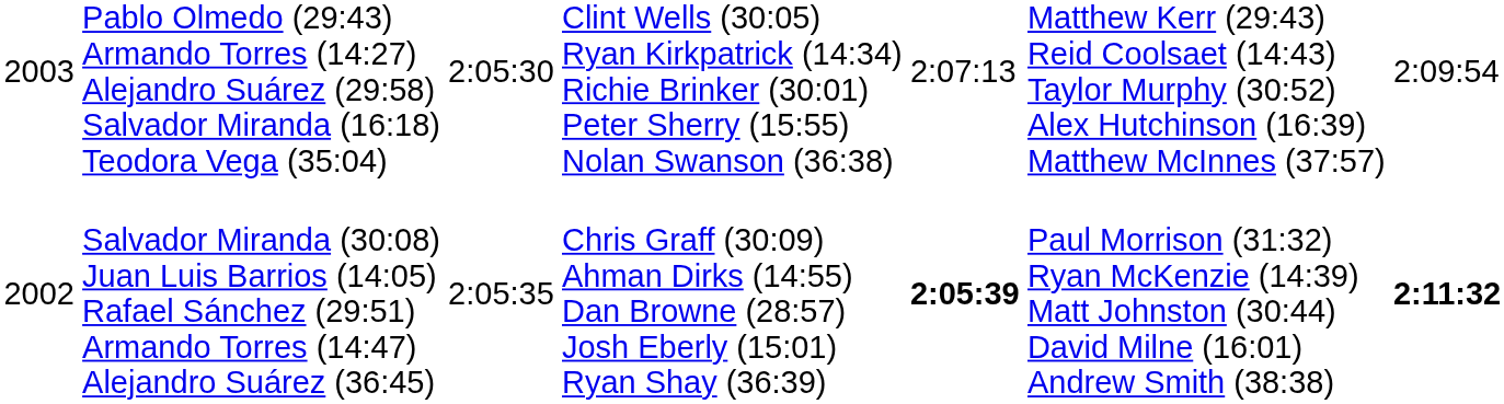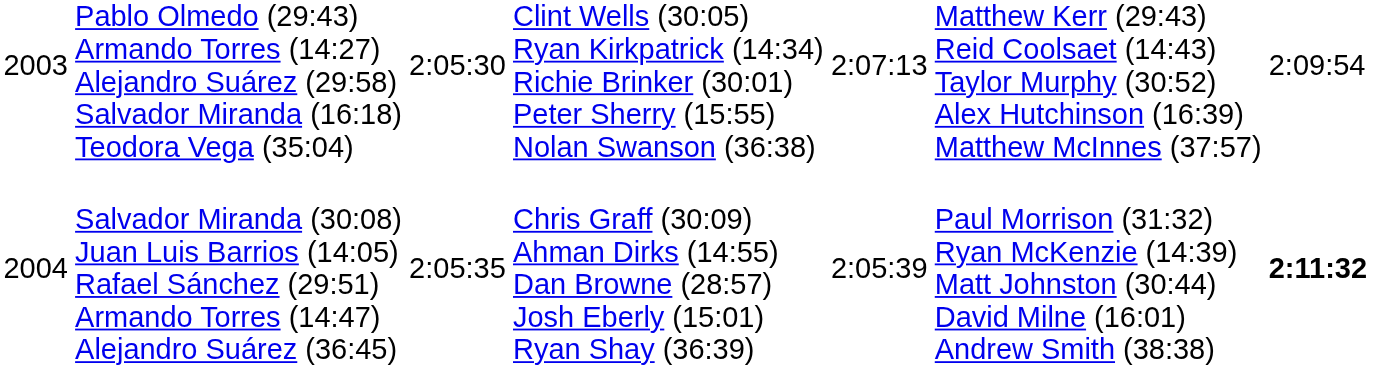 <table>
 <tr>
 <td>2003</td>
 <td><br><a href='#'>Pablo Olmedo</a> (29:43)<br><a href='#'>Armando Torres</a> (14:27)<br><a href='#'>Alejandro Suárez</a> (29:58)<br><a href='#'>Salvador Miranda</a> (16:18)<br><a href='#'>Teodora Vega</a> (35:04)</td>
 <td>2:05:30 </td>
 <td><br><a href='#'>Clint Wells</a> (30:05)<br><a href='#'>Ryan Kirkpatrick</a> (14:34)<br><a href='#'>Richie Brinker</a> (30:01)<br><a href='#'>Peter Sherry</a> (15:55)<br><a href='#'>Nolan Swanson</a> (36:38)</td>
 <td>2:07:13</td>
 <td><br><a href='#'>Matthew Kerr</a> (29:43)<br><a href='#'>Reid Coolsaet</a> (14:43)<br><a href='#'>Taylor Murphy</a> (30:52)<br><a href='#'>Alex Hutchinson</a> (16:39)<br><a href='#'>Matthew McInnes</a> (37:57)</td>
 <td>2:09:54</td>
 </tr>
 <tr>
-<td>2002</td>
+<td>2004</td>
 <td><br><a href='#'>Salvador Miranda</a> (30:08)<br><a href='#'>Juan Luis Barrios</a> (14:05)<br><a href='#'>Rafael Sánchez</a> (29:51)<br><a href='#'>Armando Torres</a> (14:47)<br><a href='#'>Alejandro Suárez</a> (36:45)</td>
 <td>2:05:35</td>
 <td><br><a href='#'>Chris Graff</a> (30:09)<br><a href='#'>Ahman Dirks</a> (14:55)<br><a href='#'>Dan Browne</a> (28:57)<br><a href='#'>Josh Eberly</a> (15:01)<br><a href='#'>Ryan Shay</a> (36:39)</td>
-<td><strong>2:05:39</strong></td>
+<td>2:05:39</td>
 <td><br><a href='#'>Paul Morrison</a> (31:32)<br><a href='#'>Ryan McKenzie</a> (14:39)<br><a href='#'>Matt Johnston</a> (30:44)<br><a href='#'>David Milne</a> (16:01)<br><a href='#'>Andrew Smith</a> (38:38)</td>
 <td><strong>2:11:32</strong></td>
 </tr>
 </table>
